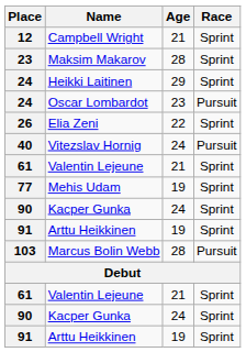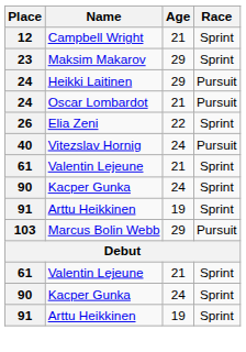 <table class="wikitable plainrowheaders" style="font-size:80%; text-align:center; display:inline-table;">
 <tr>
 <th>Place</th>
 <th>Name</th>
 <th>Age</th>
 <th>Race</th>
 </tr>
 <tr>
 <th>12</th>
 <td style="text-align:left"> <a href='#'>Campbell Wright</a></td>
 <td>21</td>
 <td>Sprint</td>
 </tr>
 <tr>
 <th>23</th>
 <td style="text-align:left"> <a href='#'>Maksim Makarov</a></td>
-<td>28</td>
+<td>29</td>
 <td>Sprint</td>
 </tr>
 <tr>
 <th>24</th>
 <td style="text-align:left"> <a href='#'>Heikki Laitinen</a></td>
 <td>29</td>
-<td>Sprint</td>
+<td>Pursuit</td>
 </tr>
 <tr>
 <th>24</th>
 <td style="text-align:left"> <a href='#'>Oscar Lombardot</a></td>
-<td>23</td>
+<td>21</td>
 <td>Pursuit</td>
 </tr>
 <tr>
 <th>26</th>
 <td style="text-align:left"> <a href='#'>Elia Zeni</a></td>
 <td>22</td>
 <td>Sprint</td>
 </tr>
 <tr>
 <th>40</th>
 <td style="text-align:left"> <a href='#'>Vitezslav Hornig</a></td>
 <td>24</td>
 <td>Pursuit</td>
 </tr>
 <tr>
 <th>61</th>
 <td style="text-align:left"> <a href='#'>Valentin Lejeune</a></td>
 <td>21</td>
 <td>Sprint</td>
 </tr>
 <tr>
-<th>77</th>
-<td style="text-align:left"> <a href='#'>Mehis Udam</a></td>
-<td>19</td>
-<td>Sprint</td>
-</tr>
-<tr>
 <th>90</th>
 <td style="text-align:left"> <a href='#'>Kacper Gunka</a></td>
 <td>24</td>
 <td>Sprint</td>
 </tr>
 <tr>
 <th>91</th>
 <td style="text-align:left"> <a href='#'>Arttu Heikkinen</a></td>
 <td>19</td>
 <td>Sprint</td>
 </tr>
 <tr>
 <th>103</th>
 <td style="text-align:left"> <a href='#'>Marcus Bolin Webb</a></td>
-<td>28</td>
+<td>29</td>
 <td>Pursuit</td>
 </tr>
 <tr>
 <th colspan=4>Debut</th>
 </tr>
 <tr>
 <th>61</th>
 <td style="text-align:left"> <a href='#'>Valentin Lejeune</a></td>
 <td>21</td>
 <td>Sprint</td>
 </tr>
 <tr>
 <th>90</th>
 <td style="text-align:left"> <a href='#'>Kacper Gunka</a></td>
 <td>24</td>
 <td>Sprint</td>
 </tr>
 <tr>
 <th>91</th>
 <td style="text-align:left"> <a href='#'>Arttu Heikkinen</a></td>
 <td>19</td>
 <td>Sprint</td>
 </tr>
 </table>
